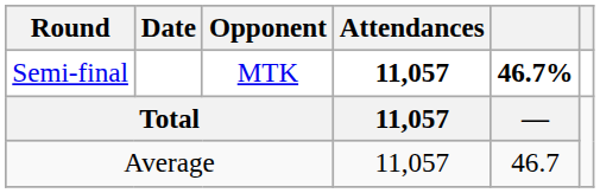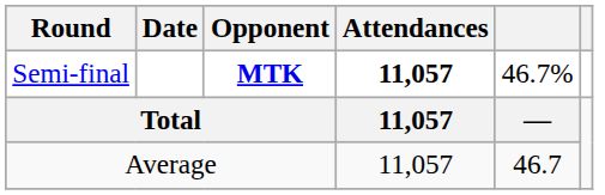 <table class="wikitable sortable mw-collapsible mw-collapsed" style="text-align:center; font-size:85%;">
 <tr>
 <th scope="col">Round</th>
 <th scope="col">Date</th>
 <th scope="col">Opponent</th>
 <th scope="col">Attendances</th>
 <th scope="col"></th>
 <th scope="col"></th>
 </tr>
 <tr bgcolor="white">
 <td><a href='#'>Semi-final</a></td>
 <td></td>
-<td><a href='#'>MTK</a></td>
+<td><strong><a href='#'>MTK</a></strong></td>
 <td><strong>11,057</strong></td>
-<td><strong>46.7%</strong></td>
+<td>46.7%</td>
 <td></td>
 </tr>
 <tr>
 <th colspan="3">Total</th>
 <th>11,057</th>
 <th>—</th>
 </tr>
 <tr>
 <td colspan="3">Average</td>
 <td>11,057</td>
 <td>46.7</td>
 </tr>
 </table>
